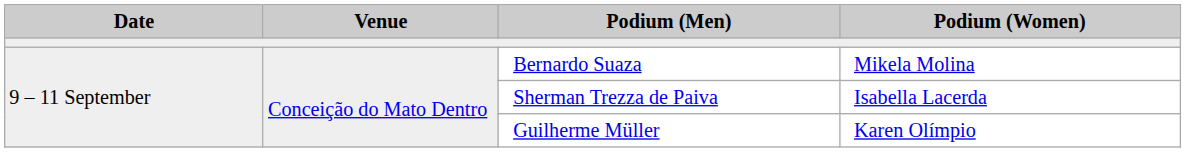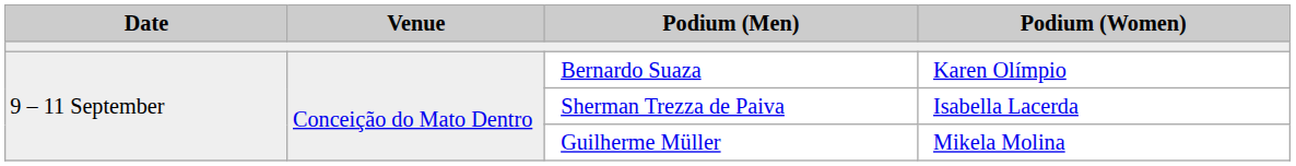 <table class="wikitable" width=70% bgcolor="#f7f8ff" cellpadding="3" cellspacing="0" border="1" style="font-size: 95%; border: gray solid 1px; border-collapse: collapse;">
 <tr bgcolor="#CCCCCC">
 <td align="center"><strong>Date</strong></td>
 <td width=20% align="center"><strong>Venue</strong></td>
 <td width=29% align="center"><strong>Podium (Men)</strong></td>
 <td width=29% align="center"><strong>Podium (Women)</strong></td>
 </tr>
 <tr bgcolor="#EFEFEF">
 <td colspan=4></td>
 </tr>
 <tr bgcolor="#EFEFEF">
 <td rowspan=3>9 – 11 September</td>
 <td rowspan=3><br><a href='#'>Conceição do Mato Dentro</a></td>
 <td bgcolor="#ffffff">    <a href='#'>Bernardo Suaza</a></td>
-<td bgcolor="#ffffff">    <a href='#'>Mikela Molina</a></td>
+<td bgcolor="#ffffff">    <a href='#'>Karen Olímpio</a></td>
 </tr>
 <tr>
 <td bgcolor="#ffffff">    <a href='#'>Sherman Trezza de Paiva</a></td>
 <td bgcolor="#ffffff">    <a href='#'>Isabella Lacerda</a></td>
 </tr>
 <tr>
 <td bgcolor="#ffffff">    <a href='#'>Guilherme Müller</a></td>
-<td bgcolor="#ffffff">    <a href='#'>Karen Olímpio</a></td>
+<td bgcolor="#ffffff">    <a href='#'>Mikela Molina</a></td>
 </tr>
 </table>
